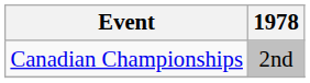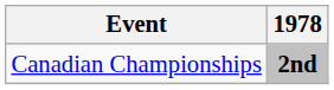 <table class="wikitable">
 <tr>
 <th>Event</th>
 <th>1978</th>
 </tr>
 <tr>
 <td><a href='#'>Canadian Championships</a></td>
-<td align="center" bgcolor="silver">2nd</td>
+<td align="center" bgcolor="silver"><strong>2nd</strong></td>
 </tr>
 <tr>
 </tr>
 </table>
